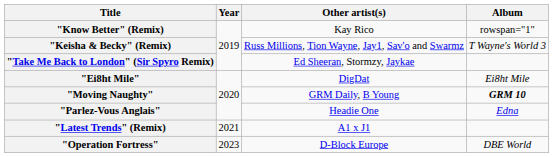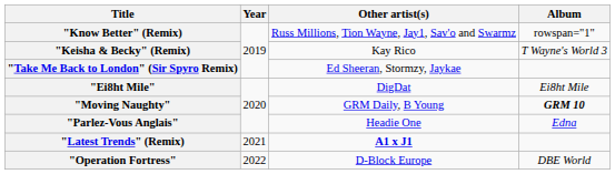 <table class="wikitable plainrowheaders" style="text-align:center;">
 <tr>
 <th scope="col">Title</th>
 <th scope="col">Year</th>
 <th scope="col">Other artist(s)</th>
 <th scope="col">Album</th>
 </tr>
 <tr>
 <th scope="row">"Know Better" (Remix)</th>
 <td rowspan="3">2019</td>
-<td>Kay Rico</td>
+<td><a href='#'>Russ Millions</a>, <a href='#'>Tion Wayne</a>, <a href='#'>Jay1</a>, <a href='#'>Sav'o</a> and <a href='#'>Swarmz</a></td>
 <td>rowspan="1" </td>
 </tr>
 <tr>
 <th scope="row">"Keisha & Becky" (Remix)</th>
-<td><a href='#'>Russ Millions</a>, <a href='#'>Tion Wayne</a>, <a href='#'>Jay1</a>, <a href='#'>Sav'o</a> and <a href='#'>Swarmz</a></td>
+<td>Kay Rico</td>
 <td><em>T Wayne's World 3</em></td>
 </tr>
 <tr>
 <th scope="row">"<a href='#'>Take Me Back to London</a>" (<a href='#'>Sir Spyro</a> Remix)</th>
 <td><a href='#'>Ed Sheeran</a>, Stormzy, <a href='#'>Jaykae</a><br></td>
 <td></td>
 </tr>
 <tr>
 <th scope="row">"Ei8ht Mile"</th>
 <td rowspan="3">2020</td>
 <td><a href='#'>DigDat</a></td>
 <td><em>Ei8ht Mile</em></td>
 </tr>
 <tr>
 <th scope="row">"Moving Naughty"</th>
 <td><a href='#'>GRM Daily</a>, <a href='#'>B Young</a></td>
 <td><strong><em>GRM 10</em></strong></td>
 </tr>
 <tr>
 <th scope="row">"Parlez-Vous Anglais"</th>
 <td><a href='#'>Headie One</a></td>
 <td><em><a href='#'>Edna</a></em></td>
 </tr>
 <tr>
 <th scope="row">"<a href='#'>Latest Trends</a>" (Remix)</th>
 <td>2021</td>
-<td><a href='#'>A1 x J1</a></td>
+<td><strong><a href='#'>A1 x J1</a></strong></td>
 <td></td>
 </tr>
 <tr>
 <th scope="row">"Operation Fortress"</th>
-<td rowspan="1">2023</td>
+<td rowspan="1">2022</td>
 <td><a href='#'>D-Block Europe</a></td>
 <td><em>DBE World</em></td>
 </tr>
 </table>
